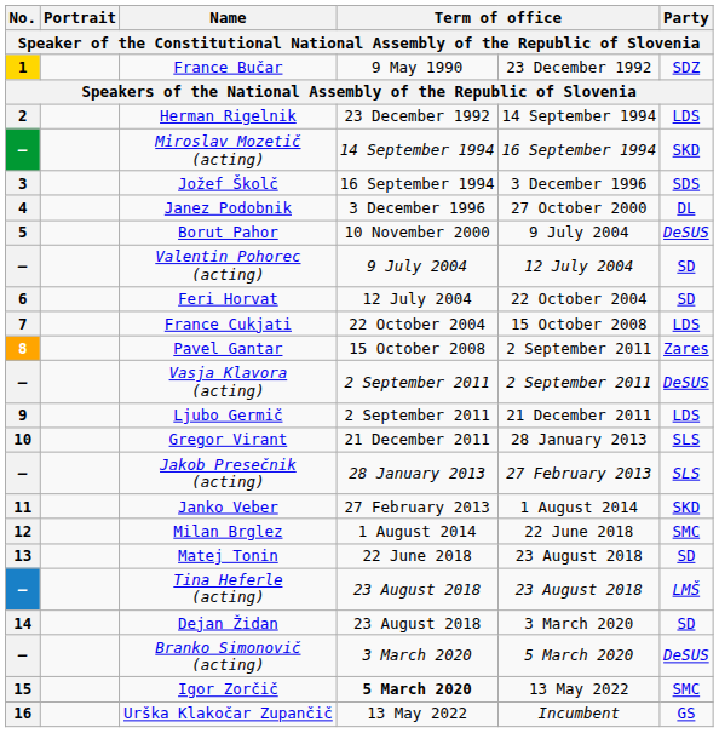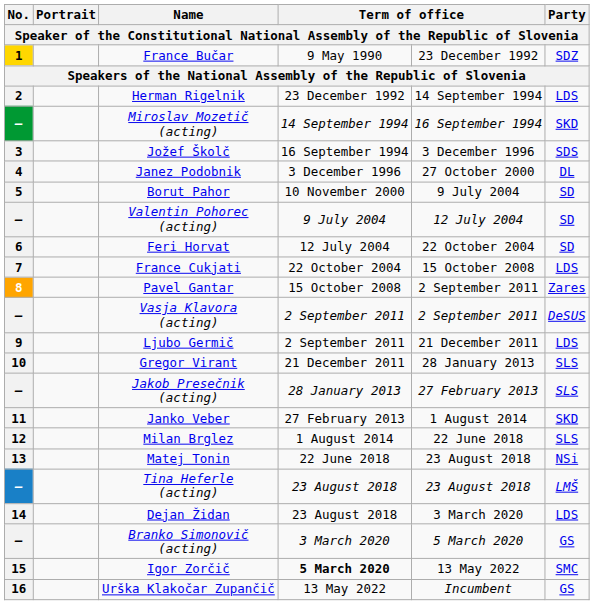 <table class="wikitable" style="text-align:center">
 <tr>
 <th>No.</th>
 <th>Portrait</th>
 <th width=180>Name</th>
 <th colspan=2>Term of office</th>
 <th>Party</th>
 </tr>
 <tr>
 <th colspan="6" bgcolor="lightgrey">Speaker of the Constitutional National Assembly of the Republic of Slovenia</th>
 </tr>
 <tr>
 <th style="background:Gold;">1</th>
 <td></td>
 <td><a href='#'>France Bučar</a></td>
 <td>9 May 1990</td>
 <td>23 December 1992</td>
 <td><a href='#'>SDZ</a></td>
 </tr>
 <tr>
 <th colspan="6" bgcolor="lightgrey">Speakers of the National Assembly of the Republic of Slovenia</th>
 </tr>
 <tr>
 <th style="background:">2</th>
 <td></td>
 <td><a href='#'>Herman Rigelnik</a></td>
 <td>23 December 1992</td>
 <td>14 September 1994</td>
 <td><a href='#'>LDS</a></td>
 </tr>
 <tr>
 <th style="background:#009933; color:white;"><em>—</em></th>
 <td></td>
 <td><em><a href='#'>Miroslav Mozetič</a></em><br><em>(acting)</em></td>
 <td><em>14 September 1994</em></td>
 <td><em>16 September 1994</em></td>
 <td><a href='#'>SKD</a></td>
 </tr>
 <tr>
 <th style="background:">3</th>
 <td></td>
 <td><a href='#'>Jožef Školč</a></td>
 <td>16 September 1994</td>
 <td>3 December 1996</td>
 <td><a href='#'>SDS</a></td>
 </tr>
 <tr>
 <th style="background:">4</th>
 <td></td>
 <td><a href='#'>Janez Podobnik</a></td>
 <td>3 December 1996</td>
 <td>27 October 2000</td>
 <td><a href='#'>DL</a></td>
 </tr>
 <tr>
 <th style="background:">5</th>
 <td></td>
 <td><a href='#'>Borut Pahor</a></td>
 <td>10 November 2000</td>
 <td>9 July 2004</td>
-<td><a href='#'><em>DeSUS</em></a></td>
+<td><a href='#'>SD</a></td>
 </tr>
 <tr>
 <th style="background:"><em>—</em></th>
 <td></td>
 <td><em><a href='#'>Valentin Pohorec</a></em><br><em>(acting)</em></td>
 <td><em>9 July 2004</em></td>
 <td><em>12 July 2004</em></td>
 <td><a href='#'>SD</a></td>
 </tr>
 <tr>
 <th style="background:">6</th>
 <td></td>
 <td><a href='#'>Feri Horvat</a></td>
 <td>12 July 2004</td>
 <td>22 October 2004</td>
 <td><a href='#'>SD</a></td>
 </tr>
 <tr>
 <th style="background:">7</th>
 <td></td>
 <td><a href='#'>France Cukjati</a></td>
 <td>22 October 2004</td>
 <td>15 October 2008</td>
 <td><a href='#'>LDS</a></td>
 </tr>
 <tr>
 <th style="background:Orange; color:white">8</th>
 <td></td>
 <td><a href='#'>Pavel Gantar</a></td>
 <td>15 October 2008</td>
 <td>2 September 2011</td>
 <td><a href='#'>Zares</a></td>
 </tr>
 <tr>
 <th style="background:"><em>—</em></th>
 <td></td>
 <td><em><a href='#'>Vasja Klavora</a></em><br><em>(acting)</em></td>
 <td><em>2 September 2011</em></td>
 <td><em>2 September 2011</em></td>
 <td><a href='#'><em>DeSUS</em></a></td>
 </tr>
 <tr>
 <th style="background:">9</th>
 <td></td>
 <td><a href='#'>Ljubo Germič</a></td>
 <td>2 September 2011</td>
 <td>21 December 2011</td>
 <td><a href='#'>LDS</a></td>
 </tr>
 <tr>
 <th style="background:">10</th>
 <td></td>
 <td><a href='#'>Gregor Virant</a></td>
 <td>21 December 2011</td>
 <td>28 January 2013</td>
 <td><a href='#'>SLS</a></td>
 </tr>
 <tr>
 <th style="background:"><em>—</em></th>
 <td></td>
 <td><em><a href='#'>Jakob Presečnik</a></em><br><em>(acting)</em></td>
 <td><em>28 January 2013</em></td>
 <td><em>27 February 2013</em></td>
 <td><a href='#'><em>SLS</em></a></td>
 </tr>
 <tr>
 <th style="background:">11</th>
 <td></td>
 <td><a href='#'>Janko Veber</a></td>
 <td>27 February 2013</td>
 <td>1 August 2014</td>
 <td><a href='#'>SKD</a></td>
 </tr>
 <tr>
 <th style="background:">12</th>
 <td></td>
 <td><a href='#'>Milan Brglez</a></td>
 <td>1 August 2014</td>
 <td>22 June 2018</td>
-<td><a href='#'>SMC</a></td>
+<td><a href='#'>SLS</a></td>
 </tr>
 <tr>
 <th style="background:">13</th>
 <td></td>
 <td><a href='#'>Matej Tonin</a></td>
 <td>22 June 2018</td>
 <td>23 August 2018</td>
-<td><a href='#'>SD</a></td>
+<td><a href='#'>NSi</a></td>
 </tr>
 <tr>
 <th style="background:#1980C7; color:white;"><em>—</em></th>
 <td></td>
 <td><em><a href='#'>Tina Heferle</a></em><br><em>(acting)</em></td>
 <td><em>23 August 2018</em></td>
 <td><em>23 August 2018</em></td>
 <td><a href='#'><em>LMŠ</em></a></td>
 </tr>
 <tr>
 <th style="background:">14</th>
 <td></td>
 <td><a href='#'>Dejan Židan</a></td>
 <td>23 August 2018</td>
 <td>3 March 2020</td>
-<td><a href='#'>SD</a></td>
+<td><a href='#'>LDS</a></td>
 </tr>
 <tr>
 <th style="background:"><em>—</em></th>
 <td></td>
 <td><em><a href='#'>Branko Simonovič</a></em><br><em>(acting)</em></td>
 <td><em>3 March 2020</em></td>
 <td><em>5 March 2020</em></td>
-<td><a href='#'><em>DeSUS</em></a></td>
+<td><a href='#'>GS</a></td>
 </tr>
 <tr>
 <th style="background:">15</th>
 <td></td>
 <td><a href='#'>Igor Zorčič</a></td>
 <td><strong>5 March 2020</strong></td>
 <td>13 May 2022</td>
 <td><a href='#'>SMC</a></td>
 </tr>
 <tr>
 <th style="background:">16</th>
 <td></td>
 <td><a href='#'>Urška Klakočar Zupančič</a></td>
 <td>13 May 2022</td>
 <td><em>Incumbent</em></td>
 <td><a href='#'>GS</a></td>
 </tr>
 </table>
